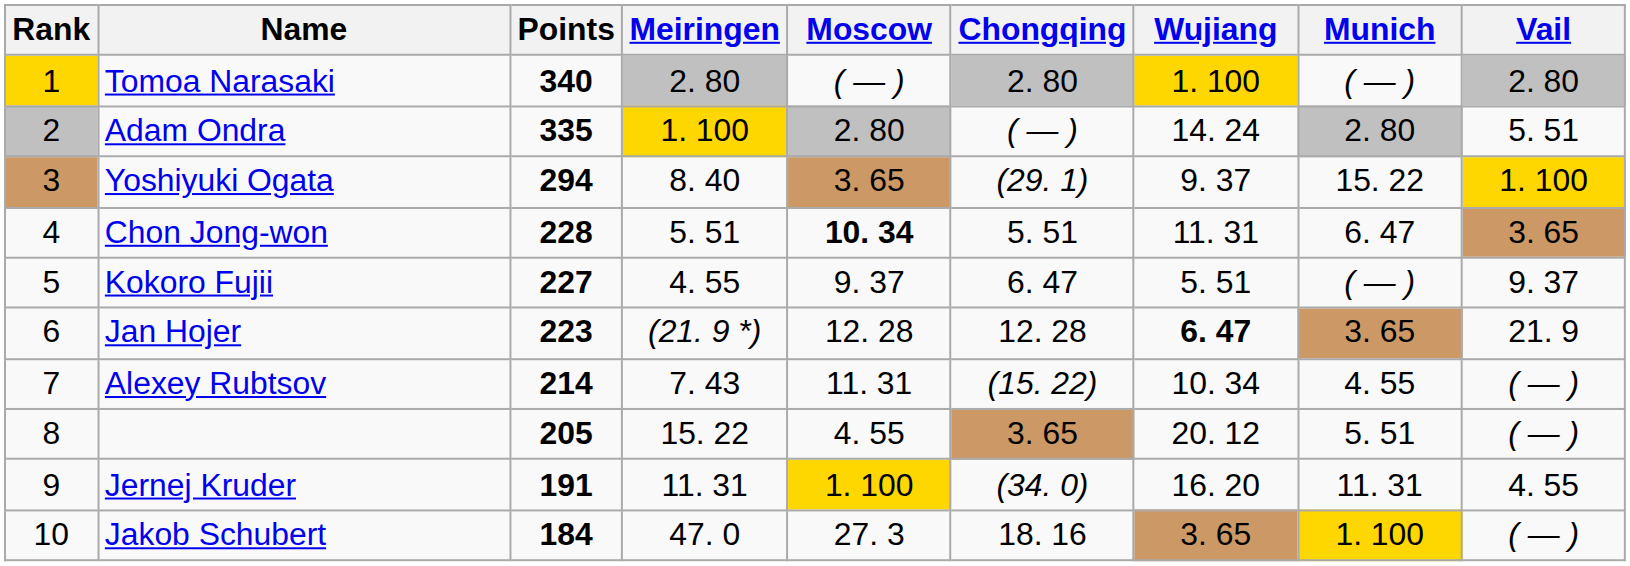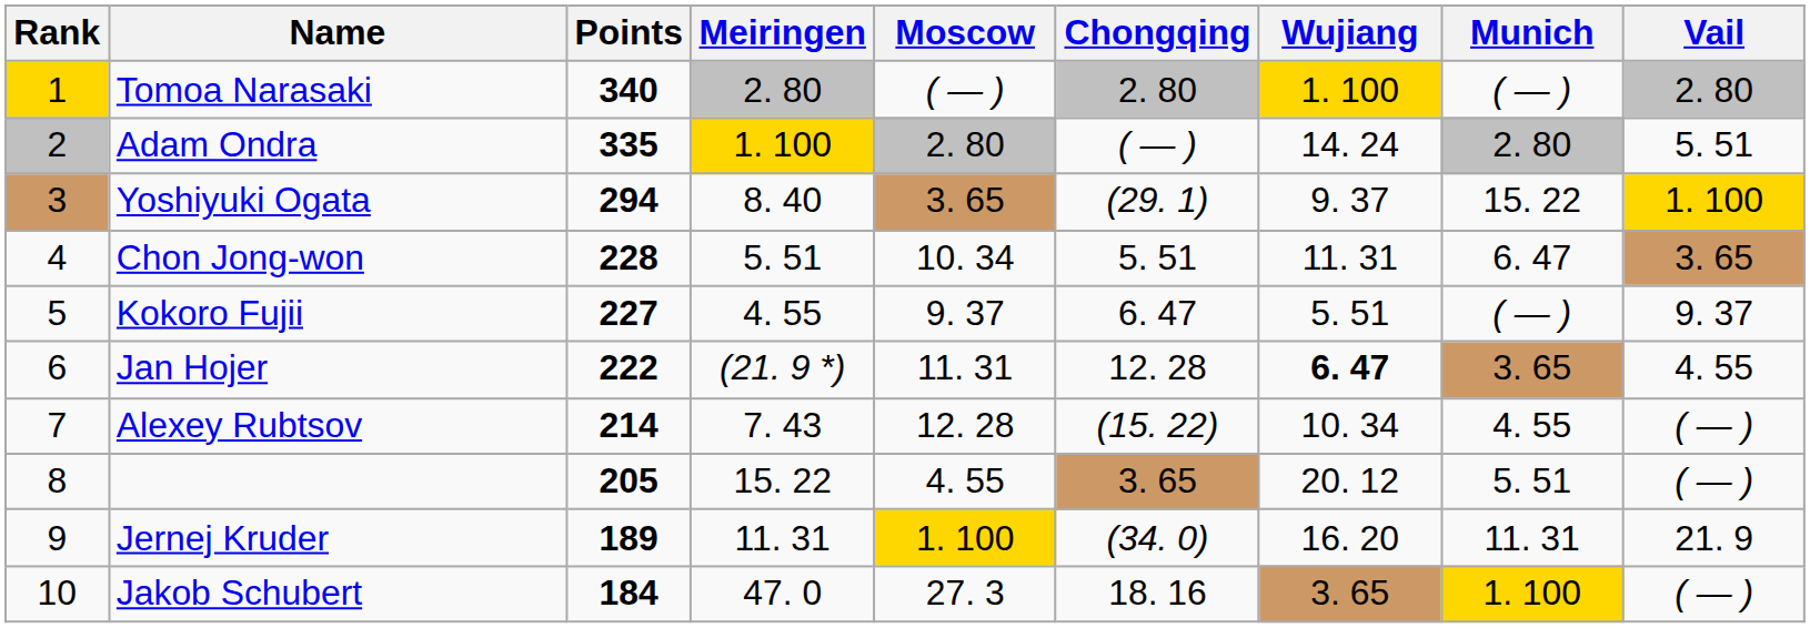 <table class="wikitable sortable">
 <tr>
 <th>Rank</th>
 <th width = "200">Name</th>
 <th>Points</th>
 <th width = "75" data-sort-type="number"><a href='#'>Meiringen</a></th>
 <th width = "75" data-sort-type="number"><a href='#'>Moscow</a></th>
 <th width = "75" data-sort-type="number"><a href='#'>Chongqing</a></th>
 <th width = "75" data-sort-type="number"><a href='#'>Wujiang</a></th>
 <th width = "75" data-sort-type="number"><a href='#'>Munich</a></th>
 <th width = "75" data-sort-type="number"><a href='#'>Vail</a></th>
 </tr>
 <tr>
 <td align="center" style="background: gold">1</td>
 <td> <a href='#'>Tomoa Narasaki</a></td>
 <td align="center"><strong>340</strong></td>
 <td align="center" style="background: silver">2. 80</td>
 <td align="center"><em>( — )</em></td>
 <td align="center" style="background: silver">2. 80</td>
 <td align="center" style="background: gold">1. 100</td>
 <td align="center"><em>( — )</em></td>
 <td align="center" style="background: silver">2. 80</td>
 </tr>
 <tr>
 <td align="center" style="background: silver">2</td>
 <td> <a href='#'>Adam Ondra</a></td>
 <td align="center"><strong>335</strong></td>
 <td align="center" style="background: gold">1. 100</td>
 <td align="center" style="background: silver">2. 80</td>
 <td align="center"><em>( — )</em></td>
 <td align="center">14. 24</td>
 <td align="center" style="background: silver">2. 80</td>
 <td align="center">5. 51</td>
 </tr>
 <tr>
 <td align="center" style="background: #cc9966">3</td>
 <td> <a href='#'>Yoshiyuki Ogata</a></td>
 <td align="center"><strong>294</strong></td>
 <td align="center">8. 40</td>
 <td align="center" style="background: #cc9966">3. 65</td>
 <td align="center"><em>(29. 1)</em></td>
 <td align="center">9. 37</td>
 <td align="center">15. 22</td>
 <td align="center" style="background: gold">1. 100</td>
 </tr>
 <tr>
 <td align="center">4</td>
 <td> <a href='#'>Chon Jong-won</a></td>
 <td align="center"><strong>228</strong></td>
 <td align="center">5. 51</td>
-<td align="center"><strong>10. 34</strong></td>
+<td align="center">10. 34</td>
 <td align="center">5. 51</td>
 <td align="center">11. 31</td>
 <td align="center">6. 47</td>
 <td align="center" style="background: #cc9966">3. 65</td>
 </tr>
 <tr>
 <td align="center">5</td>
 <td> <a href='#'>Kokoro Fujii</a></td>
 <td align="center"><strong>227</strong></td>
 <td align="center">4. 55</td>
 <td align="center">9. 37</td>
 <td align="center">6. 47</td>
 <td align="center">5. 51</td>
 <td align="center"><em>( — )</em></td>
 <td align="center">9. 37</td>
 </tr>
 <tr>
 <td align="center">6</td>
 <td> <a href='#'>Jan Hojer</a></td>
-<td align="center"><strong>223</strong></td>
+<td align="center"><strong>222</strong></td>
 <td align="center"><em>(21. 9 *)</em></td>
-<td align="center">12. 28</td>
+<td align="center">11. 31</td>
 <td align="center">12. 28</td>
 <td align="center"><strong>6. 47</strong></td>
 <td align="center" style="background: #cc9966">3. 65</td>
-<td align="center">21. 9</td>
+<td align="center">4. 55</td>
 </tr>
 <tr>
 <td align="center">7</td>
 <td> <a href='#'>Alexey Rubtsov</a></td>
 <td align="center"><strong>214</strong></td>
 <td align="center">7. 43</td>
-<td align="center">11. 31</td>
+<td align="center">12. 28</td>
 <td align="center"><em>(15. 22)</em></td>
 <td align="center">10. 34</td>
 <td align="center">4. 55</td>
 <td align="center"><em>( — )</em></td>
 </tr>
 <tr>
 <td align="center">8</td>
 <td> </td>
 <td align="center"><strong>205</strong></td>
 <td align="center">15. 22</td>
 <td align="center">4. 55</td>
 <td align="center" style="background: #cc9966">3. 65</td>
 <td align="center">20. 12</td>
 <td align="center">5. 51</td>
 <td align="center"><em>( — )</em></td>
 </tr>
 <tr>
 <td align="center">9</td>
 <td> <a href='#'>Jernej Kruder</a></td>
-<td align="center"><strong>191</strong></td>
+<td align="center"><strong>189</strong></td>
 <td align="center">11. 31</td>
 <td align="center" style="background: gold">1. 100</td>
 <td align="center"><em>(34. 0)</em></td>
 <td align="center">16. 20</td>
 <td align="center">11. 31</td>
-<td align="center">4. 55</td>
+<td align="center">21. 9</td>
 </tr>
 <tr>
 <td align="center">10</td>
 <td> <a href='#'>Jakob Schubert</a></td>
 <td align="center"><strong>184</strong></td>
 <td align="center">47. 0</td>
 <td align="center">27. 3</td>
 <td align="center">18. 16</td>
 <td align="center" style="background: #cc9966">3. 65</td>
 <td align="center" style="background: gold">1. 100</td>
 <td align="center"><em>( — )</em></td>
 </tr>
 </table>
